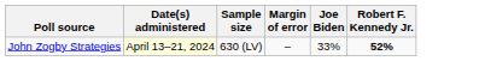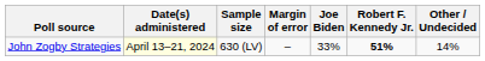 <table class="wikitable sortable mw-datatable" style="font-size:90%;text-align:center;line-height:17px">
 <tr valign=bottom>
 <th>Poll source</th>
 <th>Date(s)<br>administered</th>
 <th>Sample<br>size</th>
 <th>Margin<br>of error</th>
 <th class="unsortable">Joe<br>Biden<br></th>
 <th class="unsortable">Robert F.<br>Kennedy Jr.<br></th>
+<th class="unsortable">Other /<br>Undecided</th>
 </tr>
 <tr>
 <td style="text-align:left;"><a href='#'>John Zogby Strategies</a></td>
 <td data-sort-value="2024-05-01" style="background: lightyellow;">April 13–21, 2024</td>
 <td>630 (LV)</td>
 <td>–</td>
 <td>33%</td>
-<td style="background-color:"><strong>52%</strong></td>
+<td style="background-color:"><strong>51%</strong></td>
+<td>14%</td>
 </tr>
 </table>
